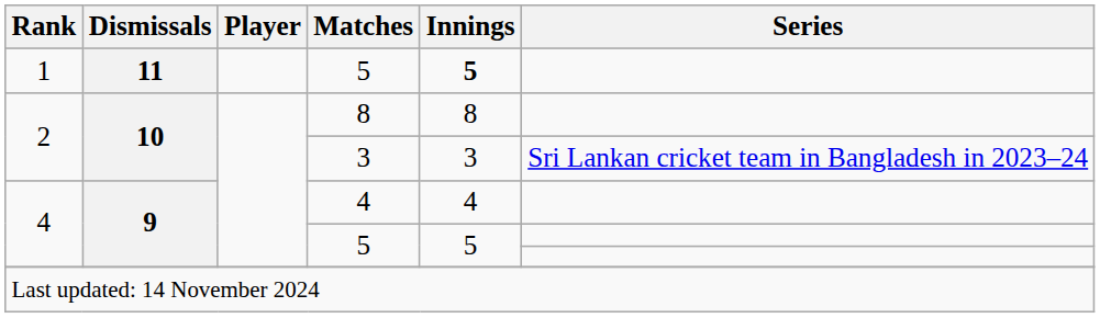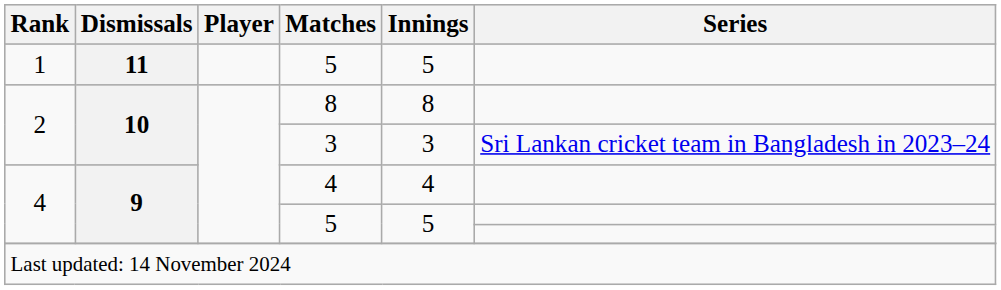 <table class="wikitable plainrowheaders sortable">
 <tr>
 <th scope=col>Rank</th>
 <th scope=col>Dismissals</th>
 <th scope=col>Player</th>
 <th scope=col>Matches</th>
 <th scope=col>Innings</th>
 <th scope=col>Series</th>
 </tr>
 <tr>
 <td align=center>1</td>
 <th scope=row style="text-align:center;">11</th>
 <td></td>
 <td align=center>5</td>
-<td align=center><strong>5</strong></td>
+<td align=center>5</td>
 <td></td>
 </tr>
 <tr>
 <td rowspan="2" align="center">2</td>
 <th rowspan="2" scope="row" style="text-align:center;">10</th>
 <td rowspan="5"></td>
 <td align=center>8</td>
 <td align=center>8</td>
 <td></td>
 </tr>
 <tr>
 <td align=center>3</td>
 <td align=center>3</td>
 <td><a href='#'>Sri Lankan cricket team in Bangladesh in 2023–24</a></td>
 </tr>
 <tr>
 <td rowspan="3" align="center">4</td>
 <th rowspan="3" scope="row" style="text-align:center;">9</th>
 <td align="center">4</td>
 <td align="center">4</td>
 <td></td>
 </tr>
 <tr>
 <td align=center rowspan=2>5</td>
 <td align=center rowspan=2>5</td>
 <td></td>
 </tr>
 <tr>
 <td></td>
 </tr>
 <tr>
 </tr>
 <tr class=sortbottom>
 <td colspan=6><small>Last updated: 14 November 2024</small></td>
 </tr>
 </table>
